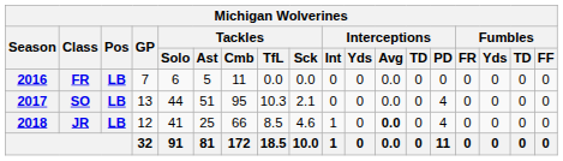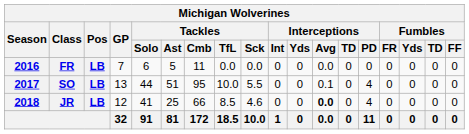 <table class="wikitable" style="text-align:center;">
 <tr>
 <th colspan="18">Michigan Wolverines</th>
 </tr>
 <tr>
 <th rowspan="2">Season</th>
 <th rowspan="2">Class</th>
 <th rowspan="2">Pos</th>
 <th rowspan="2">GP</th>
 <th colspan="5">Tackles</th>
 <th colspan="5">Interceptions</th>
 <th colspan="4">Fumbles</th>
 </tr>
 <tr>
 <th>Solo</th>
 <th>Ast</th>
 <th>Cmb</th>
 <th>TfL</th>
 <th>Sck</th>
 <th>Int</th>
 <th>Yds</th>
 <th>Avg</th>
 <th>TD</th>
 <th>PD</th>
 <th>FR</th>
 <th>Yds</th>
 <th>TD</th>
 <th>FF</th>
 </tr>
 <tr>
 <th><a href='#'>2016</a></th>
 <th><a href='#'>FR</a></th>
 <th><a href='#'>LB</a></th>
 <td>7</td>
 <td>6</td>
 <td>5</td>
 <td>11</td>
 <td>0.0</td>
 <td>0.0</td>
 <td>0</td>
 <td>0</td>
 <td>0.0</td>
 <td>0</td>
 <td>0</td>
 <td>0</td>
 <td>0</td>
 <td>0</td>
 <td>0</td>
 </tr>
 <tr>
 <th><a href='#'>2017</a></th>
 <th><a href='#'>SO</a></th>
 <th><a href='#'>LB</a></th>
 <td>13</td>
 <td>44</td>
 <td>51</td>
 <td>95</td>
-<td>10.3</td>
-<td>2.1</td>
+<td>10.0</td>
+<td>5.5</td>
 <td>0</td>
 <td>0</td>
-<td>0.0</td>
+<td>0.1</td>
 <td>0</td>
 <td>4</td>
 <td>0</td>
 <td>0</td>
 <td>0</td>
 <td>0</td>
 </tr>
 <tr>
 <th><a href='#'>2018</a></th>
 <th><a href='#'>JR</a></th>
 <th><a href='#'>LB</a></th>
 <td>12</td>
 <td>41</td>
 <td>25</td>
 <td>66</td>
 <td>8.5</td>
 <td>4.6</td>
-<td>1</td>
+<td>0</td>
 <td>0</td>
 <td><strong>0.0</strong></td>
 <td>0</td>
 <td>4</td>
 <td>0</td>
 <td>0</td>
 <td>0</td>
 <td>0</td>
 </tr>
 <tr>
 <th colspan="3"></th>
 <th>32</th>
 <th>91</th>
 <th>81</th>
 <th>172</th>
 <th>18.5</th>
 <th>10.0</th>
 <th>1</th>
 <th>0</th>
 <th>0.0</th>
 <th>0</th>
 <th>11</th>
 <th>0</th>
 <th>0</th>
 <th>0</th>
 <th>0</th>
 </tr>
 </table>
